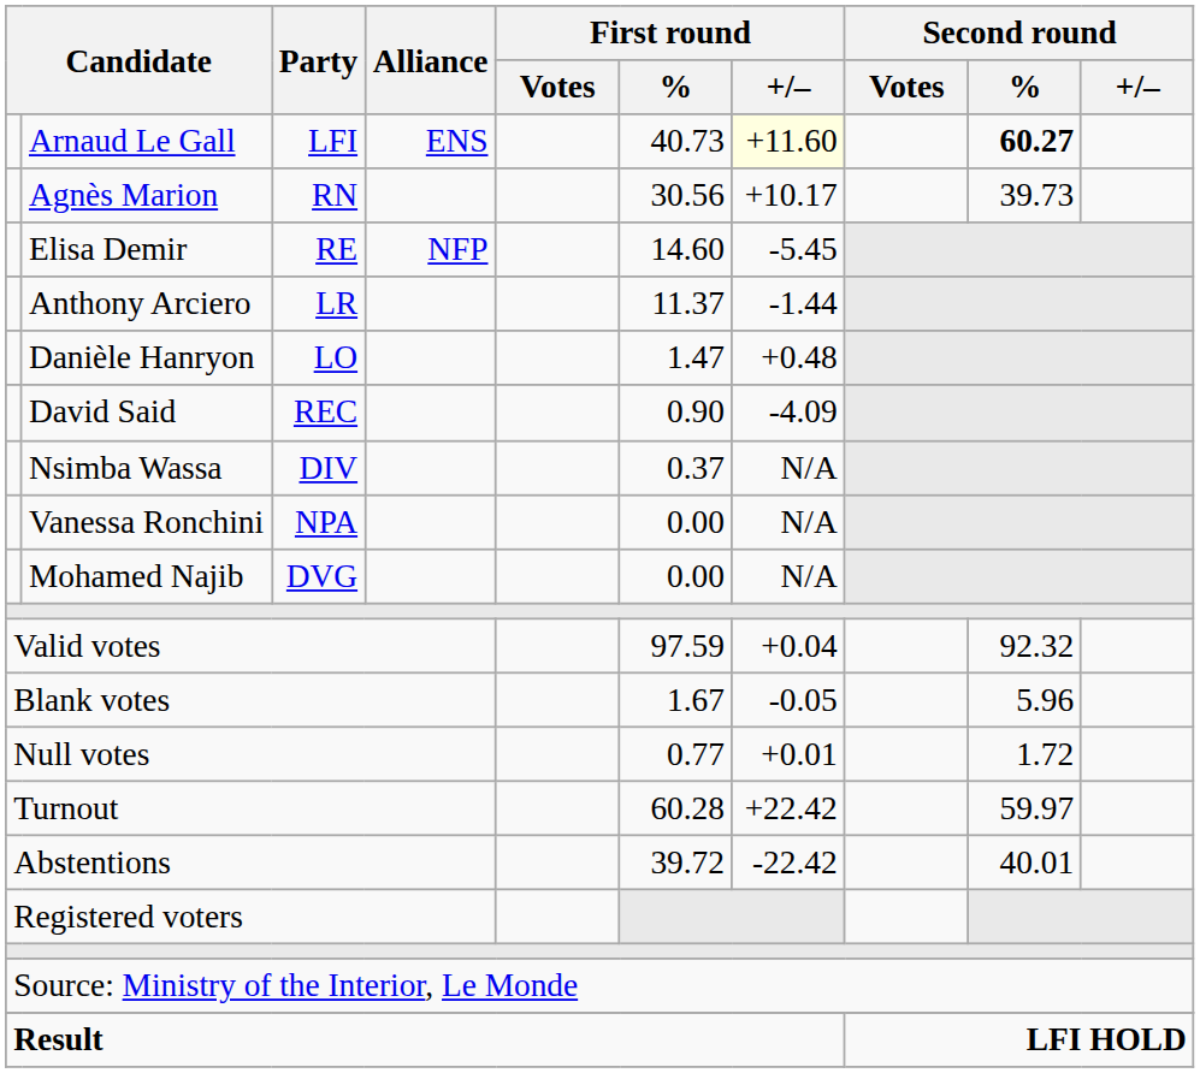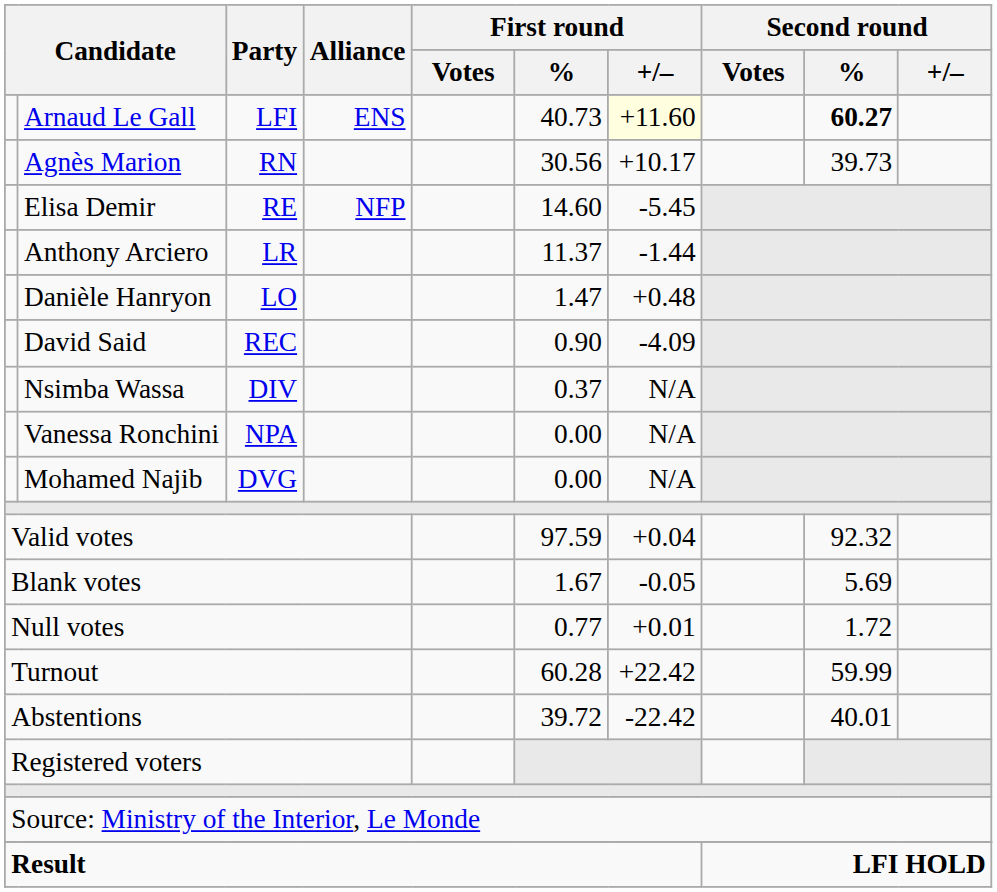 <table class="wikitable" style="text-align:right;font-size:95%;">
 <tr>
 <th rowspan="2" colspan="2">Candidate</th>
 <th rowspan="2">Party</th>
 <th rowspan="2">Alliance</th>
 <th colspan="3">First round</th>
 <th colspan="3">Second round</th>
 </tr>
 <tr>
 <th style="width:50px;">Votes</th>
 <th style="width:45px;">%</th>
 <th style="width:45px;">+/–</th>
 <th style="width:50px;">Votes</th>
 <th style="width:45px;">%</th>
 <th style="width:45px;">+/–</th>
 </tr>
 <tr>
 <td style="color:inherit;background:"></td>
 <td style="text-align:left;"><a href='#'>Arnaud Le Gall</a></td>
 <td><a href='#'>LFI</a></td>
 <td><a href='#'>ENS</a></td>
 <td></td>
 <td>40.73</td>
 <td style="background: lightyellow;">+11.60</td>
 <td><strong></strong></td>
 <td><strong>60.27</strong></td>
 <td></td>
 </tr>
 <tr>
 <td style="color:inherit;background:"></td>
 <td style="text-align:left;"><a href='#'>Agnès Marion</a></td>
 <td><a href='#'>RN</a></td>
 <td></td>
 <td></td>
 <td>30.56</td>
 <td>+10.17</td>
 <td></td>
 <td>39.73</td>
 <td></td>
 </tr>
 <tr>
 <td style="color:inherit;background:"></td>
 <td style="text-align:left;">Elisa Demir</td>
 <td><a href='#'>RE</a></td>
 <td><a href='#'>NFP</a></td>
 <td></td>
 <td>14.60</td>
 <td>-5.45</td>
 <td colspan="3" style="background:#E9E9E9;"></td>
 </tr>
 <tr>
 <td style="color:inherit;background:"></td>
 <td style="text-align:left;">Anthony Arciero</td>
 <td><a href='#'>LR</a></td>
 <td></td>
 <td></td>
 <td>11.37</td>
 <td>-1.44</td>
 <td colspan="3" style="background:#E9E9E9;"></td>
 </tr>
 <tr>
 <td style="color:inherit;background:"></td>
 <td style="text-align:left;">Danièle Hanryon</td>
 <td><a href='#'>LO</a></td>
 <td></td>
 <td></td>
 <td>1.47</td>
 <td>+0.48</td>
 <td colspan="3" style="background:#E9E9E9;"></td>
 </tr>
 <tr>
 <td style="color:inherit;background:"></td>
 <td style="text-align:left;">David Said</td>
 <td><a href='#'>REC</a></td>
 <td></td>
 <td></td>
 <td>0.90</td>
 <td>-4.09</td>
 <td colspan="3" style="background:#E9E9E9;"></td>
 </tr>
 <tr>
 <td style="color:inherit;background:"></td>
 <td style="text-align:left;">Nsimba Wassa</td>
 <td><a href='#'>DIV</a></td>
 <td></td>
 <td></td>
 <td>0.37</td>
 <td>N/A</td>
 <td colspan="3" style="background:#E9E9E9;"></td>
 </tr>
 <tr>
 <td style="color:inherit;background:"></td>
 <td style="text-align:left;">Vanessa Ronchini</td>
 <td><a href='#'>NPA</a></td>
 <td></td>
 <td></td>
 <td>0.00</td>
 <td>N/A</td>
 <td colspan="3" style="background:#E9E9E9;"></td>
 </tr>
 <tr>
 <td style="color:inherit;background:"></td>
 <td style="text-align:left;">Mohamed Najib</td>
 <td><a href='#'>DVG</a></td>
 <td></td>
 <td></td>
 <td>0.00</td>
 <td>N/A</td>
 <td colspan="3" style="background:#E9E9E9;"></td>
 </tr>
 <tr>
 <td colspan="10" style="background:#E9E9E9;"></td>
 </tr>
 <tr>
 <td colspan="4" style="text-align:left;">Valid votes</td>
 <td></td>
 <td>97.59</td>
 <td>+0.04</td>
 <td></td>
 <td>92.32</td>
 <td></td>
 </tr>
 <tr>
 <td colspan="4" style="text-align:left;">Blank votes</td>
 <td></td>
 <td>1.67</td>
 <td>-0.05</td>
 <td></td>
-<td>5.96</td>
+<td>5.69</td>
 <td></td>
 </tr>
 <tr>
 <td colspan="4" style="text-align:left;">Null votes</td>
 <td></td>
 <td>0.77</td>
 <td>+0.01</td>
 <td></td>
 <td>1.72</td>
 <td></td>
 </tr>
 <tr>
 <td colspan="4" style="text-align:left;">Turnout</td>
 <td></td>
 <td>60.28</td>
 <td>+22.42</td>
 <td></td>
-<td>59.97</td>
+<td>59.99</td>
 <td></td>
 </tr>
 <tr>
 <td colspan="4" style="text-align:left;">Abstentions</td>
 <td></td>
 <td>39.72</td>
 <td>-22.42</td>
 <td></td>
 <td>40.01</td>
 <td></td>
 </tr>
 <tr>
 <td colspan="4" style="text-align:left;">Registered voters</td>
 <td></td>
 <td colspan="2" style="background:#E9E9E9;"></td>
 <td></td>
 <td colspan="2" style="background:#E9E9E9;"></td>
 </tr>
 <tr>
 <td colspan="10" style="background:#E9E9E9;"></td>
 </tr>
 <tr>
 <td colspan="10" style="text-align:left;">Source: <a href='#'>Ministry of the Interior</a>, <a href='#'>Le Monde</a></td>
 </tr>
 <tr>
 </tr>
 <tr style="font-weight:bold">
 <td colspan="7" style="text-align:left;">Result</td>
 <td colspan="7" style="background-color:">LFI HOLD</td>
 </tr>
 </table>
